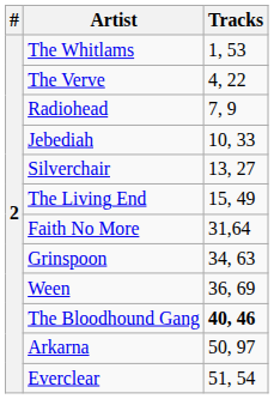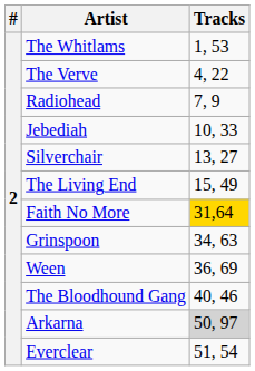 <table class="wikitable sortable">
 <tr>
 <th>#</th>
 <th>Artist</th>
 <th>Tracks</th>
 </tr>
 <tr>
 <th rowspan="12">2</th>
 <td><a href='#'>The Whitlams</a></td>
 <td>1, 53</td>
 </tr>
 <tr>
 <td><a href='#'>The Verve</a></td>
 <td>4, 22</td>
 </tr>
 <tr>
 <td><a href='#'>Radiohead</a></td>
 <td>7, 9</td>
 </tr>
 <tr>
 <td><a href='#'>Jebediah</a></td>
 <td>10, 33</td>
 </tr>
 <tr>
 <td><a href='#'>Silverchair</a></td>
 <td>13, 27</td>
 </tr>
 <tr>
 <td><a href='#'>The Living End</a></td>
 <td>15, 49</td>
 </tr>
 <tr>
 <td><a href='#'>Faith No More</a></td>
-<td>31,64</td>
+<td style="background: gold;">31,64</td>
 </tr>
 <tr>
 <td><a href='#'>Grinspoon</a></td>
 <td>34, 63</td>
 </tr>
 <tr>
 <td><a href='#'>Ween</a></td>
 <td>36, 69</td>
 </tr>
 <tr>
 <td><a href='#'>The Bloodhound Gang</a></td>
-<td><strong>40, 46</strong></td>
+<td>40, 46</td>
 </tr>
 <tr>
 <td><a href='#'>Arkarna</a></td>
-<td>50, 97</td>
+<td style="background: lightgrey;">50, 97</td>
 </tr>
 <tr>
 <td><a href='#'>Everclear</a></td>
 <td>51, 54</td>
 </tr>
 </table>
